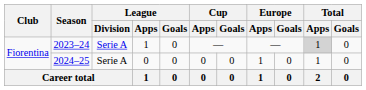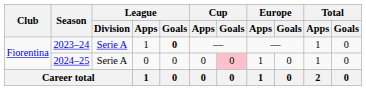 <table class="wikitable" Style="text-align: center">
 <tr>
 <th rowspan="2">Club</th>
 <th rowspan="2">Season</th>
 <th colspan="3">League</th>
 <th colspan="2">Cup</th>
 <th colspan="2">Europe</th>
 <th colspan="2">Total</th>
 </tr>
 <tr>
 <th>Division</th>
 <th>Apps</th>
 <th>Goals</th>
 <th>Apps</th>
 <th>Goals</th>
 <th>Apps</th>
 <th>Goals</th>
 <th>Apps</th>
 <th>Goals</th>
 </tr>
 <tr>
 <td rowspan="2"><a href='#'>Fiorentina</a></td>
 <td><a href='#'>2023–24</a></td>
 <td><a href='#'>Serie A</a></td>
 <td>1</td>
-<td>0</td>
+<td><strong>0</strong></td>
 <td colspan="2">—</td>
 <td colspan="2">—</td>
-<td style="background: lightgrey;">1</td>
+<td>1</td>
 <td>0</td>
 </tr>
 <tr>
 <td><a href='#'>2024–25</a></td>
 <td>Serie A</td>
 <td>0</td>
 <td>0</td>
 <td>0</td>
-<td>0</td>
+<td style="background: pink;">0</td>
 <td>1</td>
 <td>0</td>
 <td>1</td>
 <td>0</td>
 </tr>
 <tr>
 <th colspan="3">Career total</th>
 <th>1</th>
 <th>0</th>
 <th>0</th>
 <th>0</th>
 <th>1</th>
 <th>0</th>
 <th>2</th>
 <th>0</th>
 </tr>
 </table>
